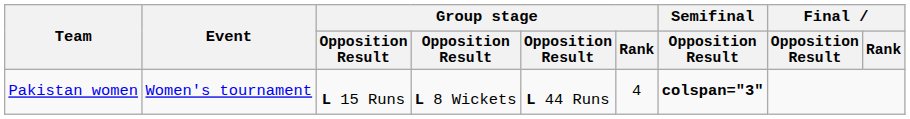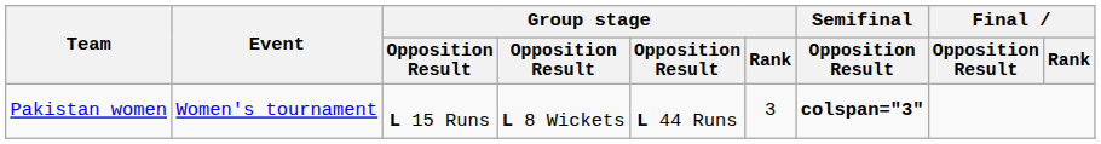 <table class=wikitable style=font-size:90%>
 <tr>
 <th rowspan=2>Team</th>
 <th rowspan=2>Event</th>
 <th colspan=4>Group stage</th>
 <th>Semifinal</th>
 <th colspan=2>Final / </th>
 </tr>
 <tr style=font-size:95%>
 <th>Opposition<br>Result</th>
 <th>Opposition<br>Result</th>
 <th>Opposition<br>Result</th>
 <th>Rank</th>
 <th>Opposition<br>Result</th>
 <th>Opposition<br>Result</th>
 <th>Rank</th>
 </tr>
 <tr align=center>
 <td align=left><a href='#'>Pakistan women</a></td>
 <td align=left><a href='#'>Women's tournament</a></td>
 <td> <br><strong>L</strong> 15 Runs</td>
 <td> <br><strong>L</strong> 8 Wickets</td>
 <td> <br><strong>L</strong> 44 Runs</td>
-<td>4</td>
+<td>3</td>
 <td><strong>colspan="3" </strong></td>
 </tr>
 </table>
